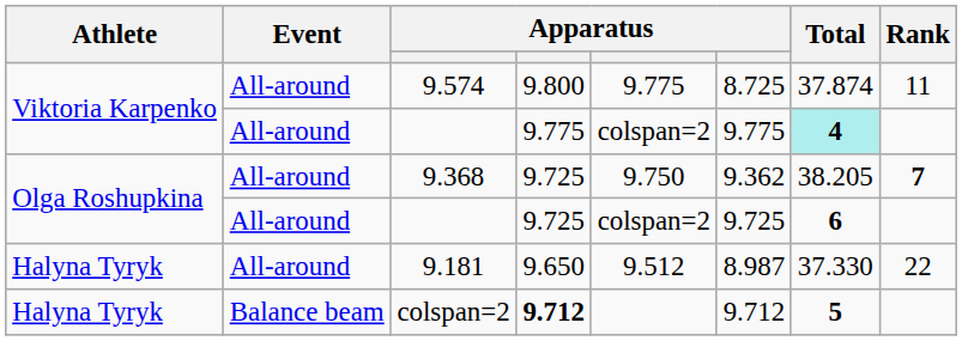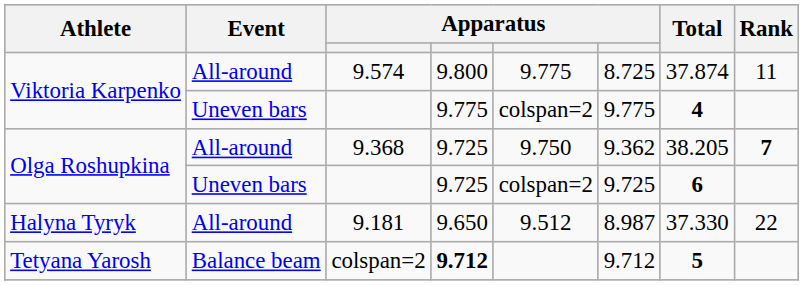 <table class="wikitable" style="font-size:90%">
 <tr>
 <th rowspan=2>Athlete</th>
 <th rowspan=2>Event</th>
 <th colspan =4>Apparatus</th>
 <th rowspan=2>Total</th>
 <th rowspan=2>Rank</th>
 </tr>
 <tr style="font-size:95%">
 <th></th>
 <th></th>
 <th></th>
 <th></th>
 </tr>
 <tr align=center>
 <td align=left rowspan=2><a href='#'>Viktoria Karpenko</a></td>
 <td align=left><a href='#'>All-around</a></td>
 <td>9.574</td>
 <td>9.800</td>
 <td>9.775</td>
 <td>8.725</td>
 <td>37.874</td>
 <td>11</td>
 </tr>
 <tr align=center>
-<td align=left><a href='#'>All-around</a></td>
+<td align=left><a href='#'>Uneven bars</a></td>
 <td></td>
 <td>9.775</td>
 <td>colspan=2 </td>
 <td>9.775</td>
-<td style="background: paleturquoise;"><strong>4</strong></td>
+<td><strong>4</strong></td>
 </tr>
 <tr align=center>
 <td align=left rowspan=2><a href='#'>Olga Roshupkina</a></td>
 <td align=left><a href='#'>All-around</a></td>
 <td>9.368</td>
 <td>9.725</td>
 <td>9.750</td>
 <td>9.362</td>
 <td>38.205</td>
 <td><strong>7</strong></td>
 </tr>
 <tr align=center>
-<td align=left><a href='#'>All-around</a></td>
+<td align=left><a href='#'>Uneven bars</a></td>
 <td></td>
 <td>9.725</td>
 <td>colspan=2 </td>
 <td>9.725</td>
 <td><strong>6</strong></td>
 </tr>
 <tr align=center>
 <td align=left><a href='#'>Halyna Tyryk</a></td>
 <td align=left><a href='#'>All-around</a></td>
 <td>9.181</td>
 <td>9.650</td>
 <td>9.512</td>
 <td>8.987</td>
 <td>37.330</td>
 <td>22</td>
 </tr>
 <tr align=center>
-<td align=left><a href='#'>Halyna Tyryk</a></td>
+<td align=left><a href='#'>Tetyana Yarosh</a></td>
 <td align=left><a href='#'>Balance beam</a></td>
 <td>colspan=2 </td>
 <td><strong>9.712</strong></td>
 <td></td>
 <td>9.712</td>
 <td><strong>5</strong></td>
 </tr>
 </table>
